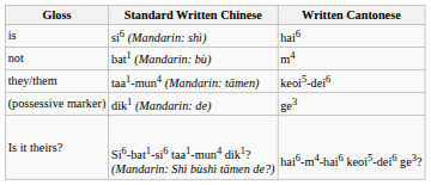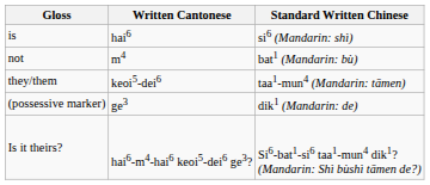 <table class="wikitable">
 <tr>
 <th>Gloss</th>
+<th>Written Cantonese</th>
 <th>Standard Written Chinese</th>
-<th>Written Cantonese</th>
 </tr>
 <tr>
 <td>is</td>
+<td> hai<sup>6</sup></td>
 <td> si<sup>6</sup> <em>(Mandarin: shì)</em></td>
-<td> hai<sup>6</sup></td>
 </tr>
 <tr>
 <td>not</td>
+<td> m<sup>4</sup></td>
 <td> bat<sup>1</sup> <em>(Mandarin: bù)</em></td>
-<td> m<sup>4</sup></td>
 </tr>
 <tr>
 <td>they/them</td>
+<td> keoi<sup>5</sup>-dei<sup>6</sup></td>
 <td> taa<sup>1</sup>-mun<sup>4</sup> <em>(Mandarin: tāmen)</em></td>
-<td> keoi<sup>5</sup>-dei<sup>6</sup></td>
 </tr>
 <tr>
 <td>(possessive marker)</td>
+<td> ge<sup>3</sup></td>
 <td> dik<sup>1</sup> <em>(Mandarin: de)</em></td>
-<td> ge<sup>3</sup></td>
 </tr>
 <tr>
 <td>Is it theirs?</td>
+<td><br><br>hai<sup>6</sup>-m<sup>4</sup>-hai<sup>6</sup> keoi<sup>5</sup>-dei<sup>6</sup> ge<sup>3</sup>?</td>
 <td><br><br>Si<sup>6</sup>-bat<sup>1</sup>-si<sup>6</sup> taa<sup>1</sup>-mun<sup>4</sup> dik<sup>1</sup>?<br> <em>(Mandarin: Shì bùshì tāmen de?)</em></td>
-<td><br><br>hai<sup>6</sup>-m<sup>4</sup>-hai<sup>6</sup> keoi<sup>5</sup>-dei<sup>6</sup> ge<sup>3</sup>?</td>
 </tr>
 </table>
